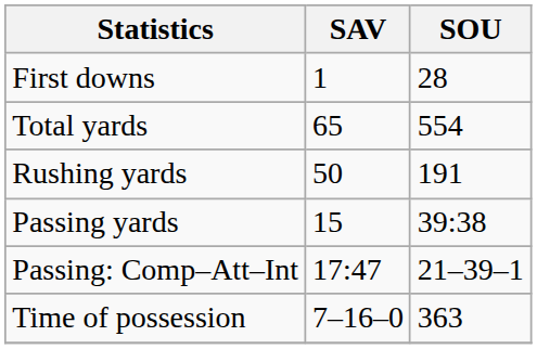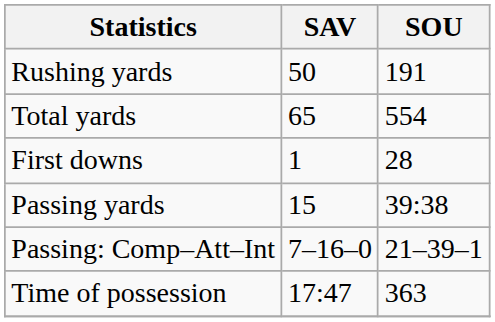 <table class="wikitable" style="float: left;">
 <tr>
 <th>Statistics</th>
 <th>SAV</th>
 <th>SOU</th>
 </tr>
 <tr>
-<td>First downs</td>
-<td>1</td>
-<td>28</td>
+<td>Rushing yards</td>
+<td>50</td>
+<td>191</td>
 </tr>
 <tr>
 <td>Total yards</td>
 <td>65</td>
 <td>554</td>
 </tr>
 <tr>
-<td>Rushing yards</td>
-<td>50</td>
-<td>191</td>
+<td>First downs</td>
+<td>1</td>
+<td>28</td>
 </tr>
 <tr>
 <td>Passing yards</td>
 <td>15</td>
 <td>39:38</td>
 </tr>
 <tr>
 <td>Passing: Comp–Att–Int</td>
-<td>17:47</td>
+<td>7–16–0</td>
 <td>21–39–1</td>
 </tr>
 <tr>
 <td>Time of possession</td>
-<td>7–16–0</td>
+<td>17:47</td>
 <td>363</td>
 </tr>
 <tr>
 </tr>
 </table>
